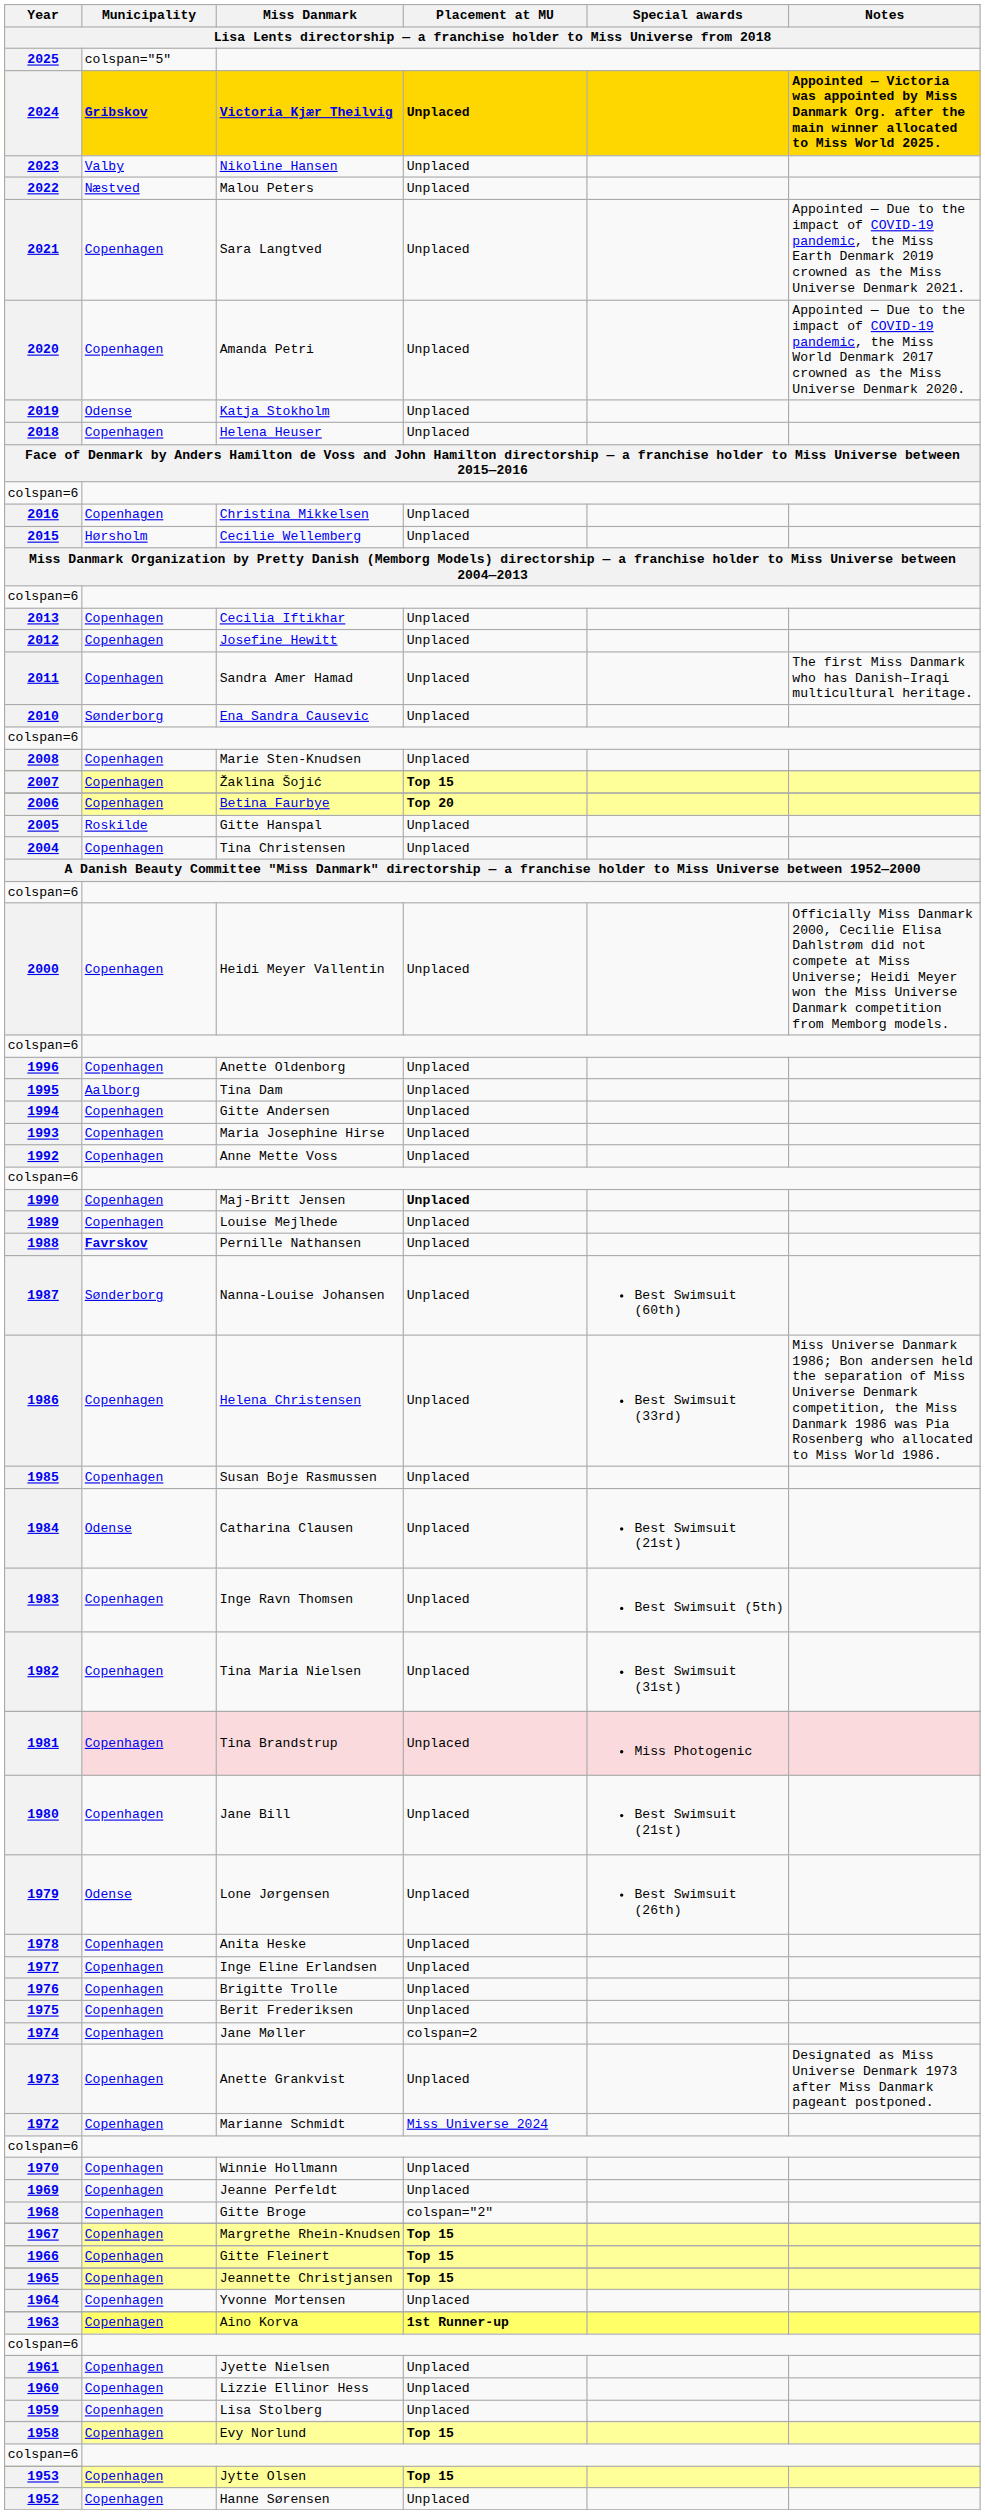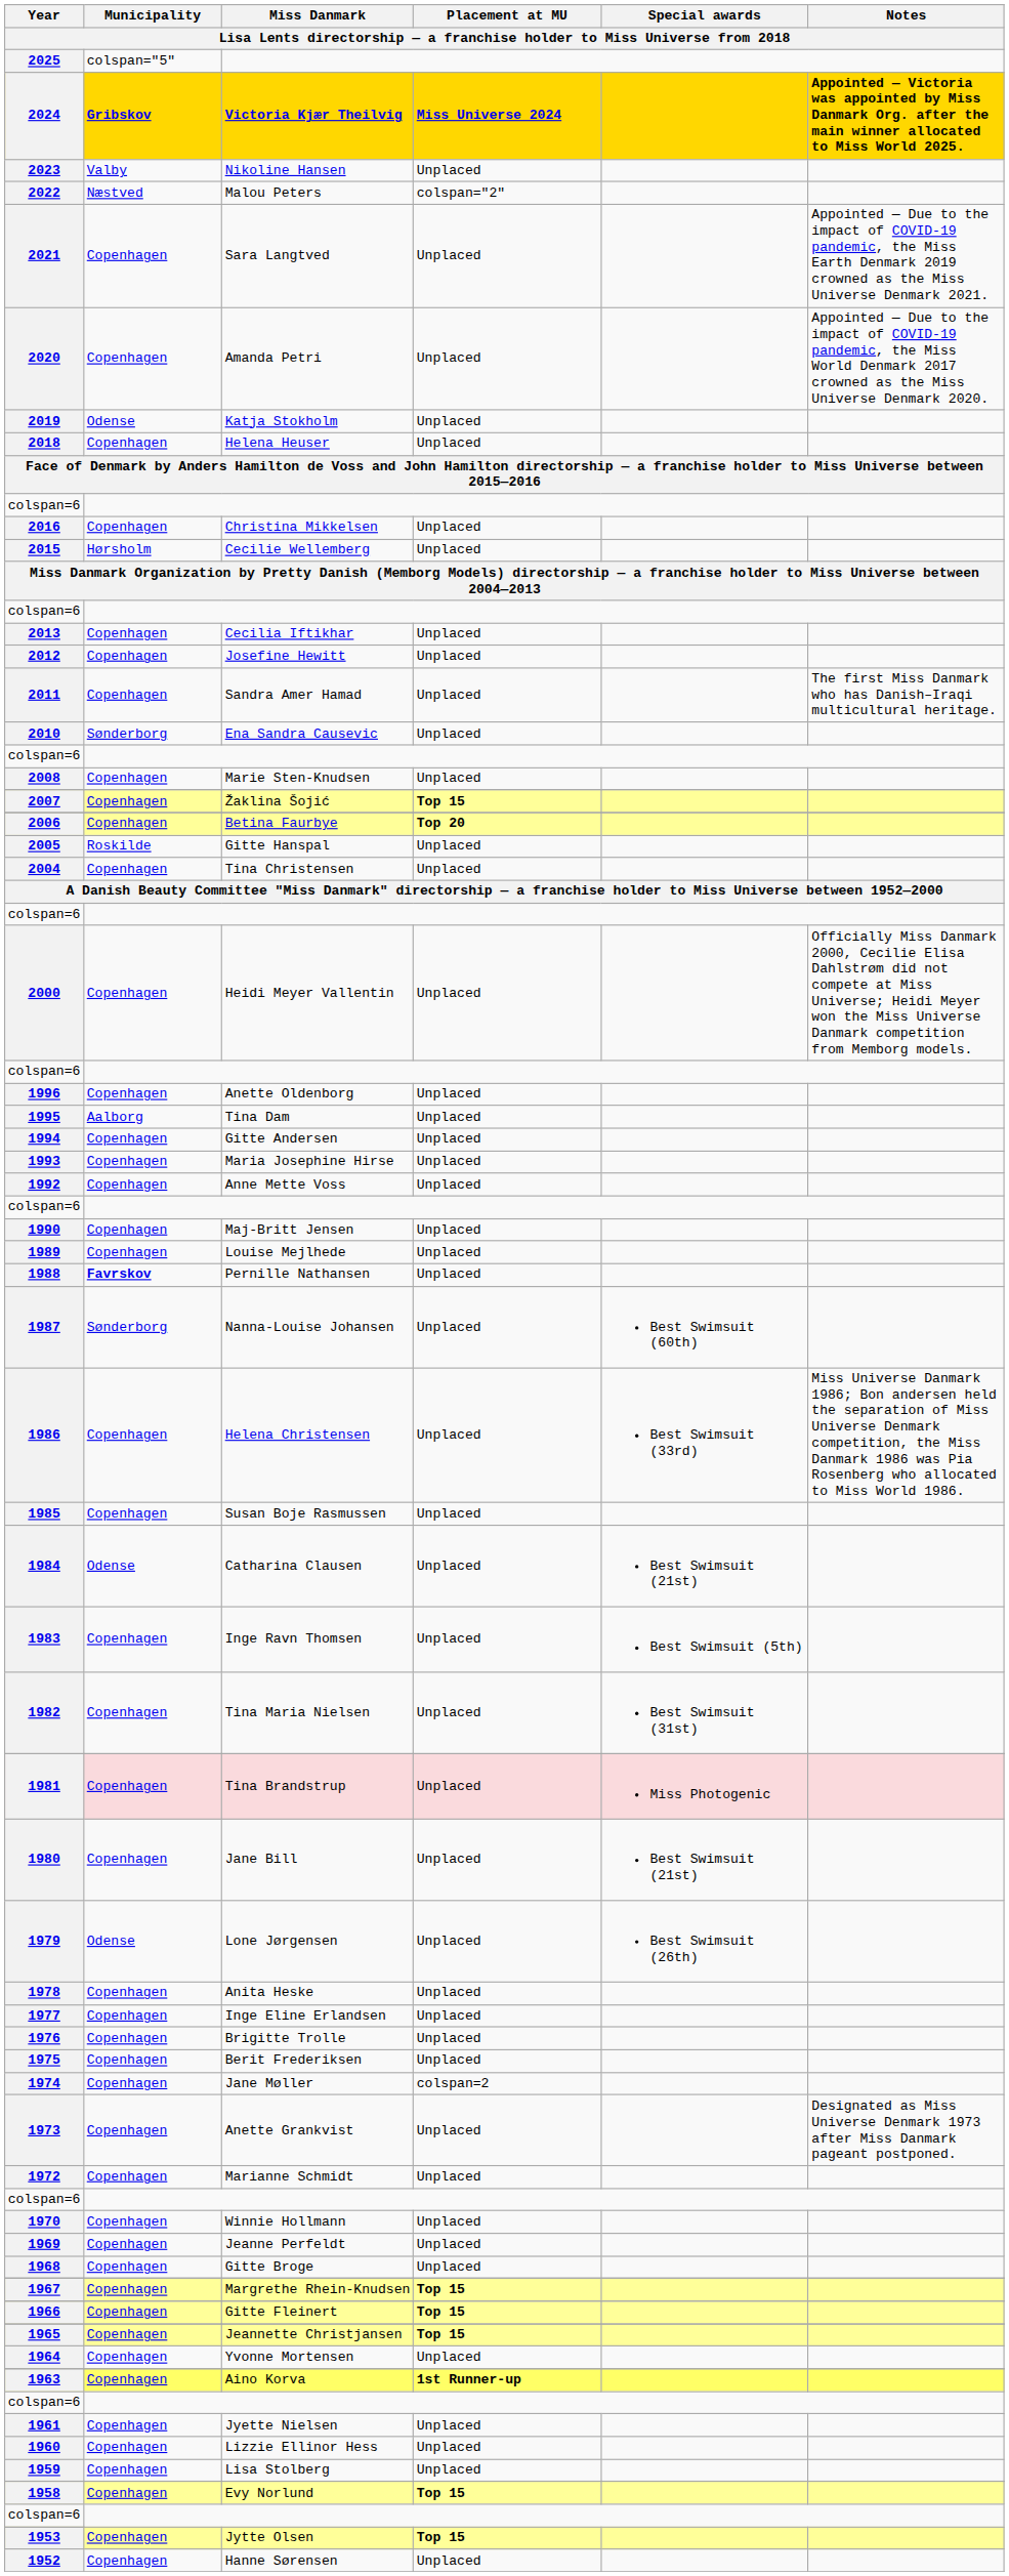 <table class="wikitable " style="font-size: 90%;">
 <tr>
 <th width="60">Year</th>
 <th width="150">Municipality</th>
 <th width="250">Miss Danmark</th>
 <th width="250">Placement at MU</th>
 <th width="250">Special awards</th>
 <th width="250">Notes</th>
 </tr>
 <tr>
 <th colspan="6">Lisa Lents directorship — a franchise holder to Miss Universe from 2018</th>
 </tr>
 <tr>
 <th><a href='#'>2025</a></th>
 <td>colspan="5" </td>
 </tr>
 <tr style="background-color:gold; font-weight: bold ">
 <th><a href='#'>2024</a></th>
 <td><a href='#'>Gribskov</a></td>
 <td><a href='#'>Victoria Kjær Theilvig</a></td>
-<td>Unplaced</td>
+<td><a href='#'>Miss Universe 2024</a></td>
 <td></td>
 <td>Appointed ― Victoria was appointed by Miss Danmark Org. after the main winner allocated to Miss World 2025.</td>
 </tr>
 <tr>
 <th><a href='#'>2023</a></th>
 <td><a href='#'>Valby</a></td>
 <td><a href='#'>Nikoline Hansen</a></td>
 <td>Unplaced</td>
 <td></td>
 <td></td>
 </tr>
 <tr>
 <th><a href='#'>2022</a></th>
 <td><a href='#'>Næstved</a></td>
 <td>Malou Peters</td>
-<td>Unplaced</td>
+<td>colspan="2" </td>
 <td></td>
 </tr>
 <tr>
 <th><a href='#'>2021</a></th>
 <td><a href='#'>Copenhagen</a></td>
 <td>Sara Langtved</td>
 <td>Unplaced</td>
 <td></td>
 <td>Appointed — Due to the impact of <a href='#'>COVID-19 pandemic</a>, the Miss Earth Denmark 2019 crowned as the Miss Universe Denmark 2021.</td>
 </tr>
 <tr>
 <th><a href='#'>2020</a></th>
 <td><a href='#'>Copenhagen</a></td>
 <td>Amanda Petri</td>
 <td>Unplaced</td>
 <td></td>
 <td>Appointed — Due to the impact of <a href='#'>COVID-19 pandemic</a>, the Miss World Denmark 2017 crowned as the Miss Universe Denmark 2020.</td>
 </tr>
 <tr>
 <th><a href='#'>2019</a></th>
 <td><a href='#'>Odense</a></td>
 <td><a href='#'>Katja Stokholm</a></td>
 <td>Unplaced</td>
 <td></td>
 <td></td>
 </tr>
 <tr>
 <th><a href='#'>2018</a></th>
 <td><a href='#'>Copenhagen</a></td>
 <td><a href='#'>Helena Heuser</a></td>
 <td>Unplaced</td>
 <td></td>
 <td></td>
 </tr>
 <tr>
 <th colspan="6">Face of Denmark by Anders Hamilton de Voss and John Hamilton directorship — a franchise holder to Miss Universe between 2015―2016</th>
 </tr>
 <tr>
 <td>colspan=6 </td>
 </tr>
 <tr>
 <th><a href='#'>2016</a></th>
 <td><a href='#'>Copenhagen</a></td>
 <td><a href='#'>Christina Mikkelsen</a></td>
 <td>Unplaced</td>
 <td></td>
 <td></td>
 </tr>
 <tr>
 <th><a href='#'>2015</a></th>
 <td><a href='#'>Hørsholm</a></td>
 <td><a href='#'>Cecilie Wellemberg</a></td>
 <td>Unplaced</td>
 <td></td>
 <td></td>
 </tr>
 <tr>
 <th colspan="6">Miss Danmark Organization by Pretty Danish (Memborg Models) directorship — a franchise holder to Miss Universe between 2004―2013</th>
 </tr>
 <tr>
 <td>colspan=6 </td>
 </tr>
 <tr>
 <th><a href='#'>2013</a></th>
 <td><a href='#'>Copenhagen</a></td>
 <td><a href='#'>Cecilia Iftikhar</a></td>
 <td>Unplaced</td>
 <td></td>
 <td></td>
 </tr>
 <tr>
 <th><a href='#'>2012</a></th>
 <td><a href='#'>Copenhagen</a></td>
 <td><a href='#'>Josefine Hewitt</a></td>
 <td>Unplaced</td>
 <td></td>
 <td></td>
 </tr>
 <tr>
 <th><a href='#'>2011</a></th>
 <td><a href='#'>Copenhagen</a></td>
 <td>Sandra Amer Hamad</td>
 <td>Unplaced</td>
 <td></td>
 <td>The first Miss Danmark who has Danish–Iraqi multicultural heritage.</td>
 </tr>
 <tr>
 <th><a href='#'>2010</a></th>
 <td><a href='#'>Sønderborg</a></td>
 <td><a href='#'>Ena Sandra Causevic</a></td>
 <td>Unplaced</td>
 <td></td>
 <td></td>
 </tr>
 <tr>
 <td>colspan=6 </td>
 </tr>
 <tr>
 <th><a href='#'>2008</a></th>
 <td><a href='#'>Copenhagen</a></td>
 <td>Marie Sten-Knudsen</td>
 <td>Unplaced</td>
 <td></td>
 <td></td>
 </tr>
 <tr>
 </tr>
 <tr style="background-color:#FFFF99;">
 <th><a href='#'>2007</a></th>
 <td><a href='#'>Copenhagen</a></td>
 <td>Žaklina Šojić</td>
 <td><strong>Top 15</strong></td>
 <td></td>
 <td></td>
 </tr>
 <tr>
 </tr>
 <tr style="background-color:#FFFF99;">
 <th><a href='#'>2006</a></th>
 <td><a href='#'>Copenhagen</a></td>
 <td><a href='#'>Betina Faurbye</a></td>
 <td><strong>Top 20</strong></td>
 <td></td>
 <td></td>
 </tr>
 <tr>
 <th><a href='#'>2005</a></th>
 <td><a href='#'>Roskilde</a></td>
 <td>Gitte Hanspal</td>
 <td>Unplaced</td>
 <td></td>
 <td></td>
 </tr>
 <tr>
 <th><a href='#'>2004</a></th>
 <td><a href='#'>Copenhagen</a></td>
 <td>Tina Christensen</td>
 <td>Unplaced</td>
 <td></td>
 <td></td>
 </tr>
 <tr>
 <th colspan="6">A Danish Beauty Committee "Miss Danmark" directorship — a franchise holder to Miss Universe between 1952―2000</th>
 </tr>
 <tr>
 <td>colspan=6 </td>
 </tr>
 <tr>
 <th><a href='#'>2000</a></th>
 <td><a href='#'>Copenhagen</a></td>
 <td>Heidi Meyer Vallentin</td>
 <td>Unplaced</td>
 <td></td>
 <td>Officially Miss Danmark 2000, Cecilie Elisa Dahlstrøm did not compete at Miss Universe; Heidi Meyer won the Miss Universe Danmark competition from Memborg models.</td>
 </tr>
 <tr>
 <td>colspan=6 </td>
 </tr>
 <tr>
 <th><a href='#'>1996</a></th>
 <td><a href='#'>Copenhagen</a></td>
 <td>Anette Oldenborg</td>
 <td>Unplaced</td>
 <td></td>
 <td></td>
 </tr>
 <tr>
 <th><a href='#'>1995</a></th>
 <td><a href='#'>Aalborg</a></td>
 <td>Tina Dam</td>
 <td>Unplaced</td>
 <td></td>
 <td></td>
 </tr>
 <tr>
 <th><a href='#'>1994</a></th>
 <td><a href='#'>Copenhagen</a></td>
 <td>Gitte Andersen</td>
 <td>Unplaced</td>
 <td></td>
 <td></td>
 </tr>
 <tr>
 <th><a href='#'>1993</a></th>
 <td><a href='#'>Copenhagen</a></td>
 <td>Maria Josephine Hirse</td>
 <td>Unplaced</td>
 <td></td>
 <td></td>
 </tr>
 <tr>
 <th><a href='#'>1992</a></th>
 <td><a href='#'>Copenhagen</a></td>
 <td>Anne Mette Voss</td>
 <td>Unplaced</td>
 <td></td>
 <td></td>
 </tr>
 <tr>
 <td>colspan=6 </td>
 </tr>
 <tr>
 <th><a href='#'>1990</a></th>
 <td><a href='#'>Copenhagen</a></td>
 <td>Maj-Britt Jensen</td>
-<td><strong>Unplaced</strong></td>
+<td>Unplaced</td>
 <td></td>
 <td></td>
 </tr>
 <tr>
 <th><a href='#'>1989</a></th>
 <td><a href='#'>Copenhagen</a></td>
 <td>Louise Mejlhede</td>
 <td>Unplaced</td>
 <td></td>
 <td></td>
 </tr>
 <tr>
 <th><a href='#'>1988</a></th>
 <td><strong><a href='#'>Favrskov</a></strong></td>
 <td>Pernille Nathansen</td>
 <td>Unplaced</td>
 <td></td>
 <td></td>
 </tr>
 <tr>
 <th><a href='#'>1987</a></th>
 <td><a href='#'>Sønderborg</a></td>
 <td>Nanna-Louise Johansen</td>
 <td>Unplaced</td>
 <td align="left"><br><ul><li>Best Swimsuit (60th)</li></ul></td>
 <td></td>
 </tr>
 <tr>
 <th><a href='#'>1986</a></th>
 <td><a href='#'>Copenhagen</a></td>
 <td><a href='#'>Helena Christensen</a></td>
 <td>Unplaced</td>
 <td align="left"><br><ul><li>Best Swimsuit (33rd)</li></ul></td>
 <td>Miss Universe Danmark 1986; Bon andersen held the separation of Miss Universe Denmark competition, the Miss Danmark 1986 was Pia Rosenberg who allocated to Miss World 1986.</td>
 </tr>
 <tr>
 <th><a href='#'>1985</a></th>
 <td><a href='#'>Copenhagen</a></td>
 <td>Susan Boje Rasmussen</td>
 <td>Unplaced</td>
 <td></td>
 <td></td>
 </tr>
 <tr>
 <th><a href='#'>1984</a></th>
 <td><a href='#'>Odense</a></td>
 <td>Catharina Clausen</td>
 <td>Unplaced</td>
 <td align="left"><br><ul><li>Best Swimsuit (21st)</li></ul></td>
 <td></td>
 </tr>
 <tr>
 <th><a href='#'>1983</a></th>
 <td><a href='#'>Copenhagen</a></td>
 <td>Inge Ravn Thomsen</td>
 <td>Unplaced</td>
 <td align="left"><br><ul><li>Best Swimsuit (5th)</li></ul></td>
 <td></td>
 </tr>
 <tr>
 <th><a href='#'>1982</a></th>
 <td><a href='#'>Copenhagen</a></td>
 <td>Tina Maria Nielsen</td>
 <td>Unplaced</td>
 <td align="left"><br><ul><li>Best Swimsuit (31st)</li></ul></td>
 <td></td>
 </tr>
 <tr>
 </tr>
 <tr style="background-color:#FADADD;">
 <th><a href='#'>1981</a></th>
 <td><a href='#'>Copenhagen</a></td>
 <td>Tina Brandstrup</td>
 <td>Unplaced</td>
 <td align="left"><br><ul><li>Miss Photogenic</li></ul></td>
 <td></td>
 </tr>
 <tr>
 <th><a href='#'>1980</a></th>
 <td><a href='#'>Copenhagen</a></td>
 <td>Jane Bill</td>
 <td>Unplaced</td>
 <td align="left"><br><ul><li>Best Swimsuit (21st)</li></ul></td>
 <td></td>
 </tr>
 <tr>
 <th><a href='#'>1979</a></th>
 <td><a href='#'>Odense</a></td>
 <td>Lone Jørgensen</td>
 <td>Unplaced</td>
 <td align="left"><br><ul><li>Best Swimsuit (26th)</li></ul></td>
 <td></td>
 </tr>
 <tr>
 <th><a href='#'>1978</a></th>
 <td><a href='#'>Copenhagen</a></td>
 <td>Anita Heske</td>
 <td>Unplaced</td>
 <td></td>
 <td></td>
 </tr>
 <tr>
 <th><a href='#'>1977</a></th>
 <td><a href='#'>Copenhagen</a></td>
 <td>Inge Eline Erlandsen</td>
 <td>Unplaced</td>
 <td></td>
 <td></td>
 </tr>
 <tr>
 <th><a href='#'>1976</a></th>
 <td><a href='#'>Copenhagen</a></td>
 <td>Brigitte Trolle</td>
 <td>Unplaced</td>
 <td></td>
 <td></td>
 </tr>
 <tr>
 <th><a href='#'>1975</a></th>
 <td><a href='#'>Copenhagen</a></td>
 <td>Berit Frederiksen</td>
 <td>Unplaced</td>
 <td></td>
 <td></td>
 </tr>
 <tr>
 <th><a href='#'>1974</a></th>
 <td><a href='#'>Copenhagen</a></td>
 <td>Jane Møller</td>
 <td>colspan=2 </td>
 <td></td>
 </tr>
 <tr>
 <th><a href='#'>1973</a></th>
 <td><a href='#'>Copenhagen</a></td>
 <td>Anette Grankvist</td>
 <td>Unplaced</td>
 <td></td>
 <td>Designated as Miss Universe Denmark 1973 after Miss Danmark pageant postponed.</td>
 </tr>
 <tr>
 <th><a href='#'>1972</a></th>
 <td><a href='#'>Copenhagen</a></td>
 <td>Marianne Schmidt</td>
-<td><a href='#'>Miss Universe 2024</a></td>
+<td>Unplaced</td>
 <td></td>
 <td></td>
 </tr>
 <tr>
 <td>colspan=6 </td>
 </tr>
 <tr>
 <th><a href='#'>1970</a></th>
 <td><a href='#'>Copenhagen</a></td>
 <td>Winnie Hollmann</td>
 <td>Unplaced</td>
 <td></td>
 <td></td>
 </tr>
 <tr>
 <th><a href='#'>1969</a></th>
 <td><a href='#'>Copenhagen</a></td>
 <td>Jeanne Perfeldt</td>
 <td>Unplaced</td>
 <td></td>
 <td></td>
 </tr>
 <tr>
 <th><a href='#'>1968</a></th>
 <td><a href='#'>Copenhagen</a></td>
 <td>Gitte Broge</td>
-<td>colspan="2" </td>
+<td>Unplaced</td>
 <td></td>
 <td></td>
 </tr>
 <tr>
 </tr>
 <tr style="background-color:#FFFF99;">
 <th><a href='#'>1967</a></th>
 <td><a href='#'>Copenhagen</a></td>
 <td>Margrethe Rhein-Knudsen</td>
 <td><strong>Top 15</strong></td>
 <td></td>
 <td></td>
 </tr>
 <tr>
 </tr>
 <tr style="background-color:#FFFF99;">
 <th><a href='#'>1966</a></th>
 <td><a href='#'>Copenhagen</a></td>
 <td>Gitte Fleinert</td>
 <td><strong>Top 15</strong></td>
 <td></td>
 <td></td>
 </tr>
 <tr>
 </tr>
 <tr style="background-color:#FFFF99;">
 <th><a href='#'>1965</a></th>
 <td><a href='#'>Copenhagen</a></td>
 <td>Jeannette Christjansen</td>
 <td><strong>Top 15</strong></td>
 <td></td>
 <td></td>
 </tr>
 <tr>
 <th><a href='#'>1964</a></th>
 <td><a href='#'>Copenhagen</a></td>
 <td>Yvonne Mortensen</td>
 <td>Unplaced</td>
 <td></td>
 <td></td>
 </tr>
 <tr>
 </tr>
 <tr style="background-color:#FFFF66;">
 <th><a href='#'>1963</a></th>
 <td><a href='#'>Copenhagen</a></td>
 <td>Aino Korva</td>
 <td><strong>1st Runner-up</strong></td>
 <td></td>
 <td></td>
 </tr>
 <tr>
 <td>colspan=6 </td>
 </tr>
 <tr>
 <th><a href='#'>1961</a></th>
 <td><a href='#'>Copenhagen</a></td>
 <td>Jyette Nielsen</td>
 <td>Unplaced</td>
 <td></td>
 <td></td>
 </tr>
 <tr>
 <th><a href='#'>1960</a></th>
 <td><a href='#'>Copenhagen</a></td>
 <td>Lizzie Ellinor Hess</td>
 <td>Unplaced</td>
 <td></td>
 <td></td>
 </tr>
 <tr>
 <th><a href='#'>1959</a></th>
 <td><a href='#'>Copenhagen</a></td>
 <td>Lisa Stolberg</td>
 <td>Unplaced</td>
 <td></td>
 <td></td>
 </tr>
 <tr>
 </tr>
 <tr style="background-color:#FFFF99;">
 <th><a href='#'>1958</a></th>
 <td><a href='#'>Copenhagen</a></td>
 <td>Evy Norlund</td>
 <td><strong>Top 15</strong></td>
 <td></td>
 <td></td>
 </tr>
 <tr>
 <td>colspan=6 </td>
 </tr>
 <tr>
 </tr>
 <tr style="background-color:#FFFF99;">
 <th><a href='#'>1953</a></th>
 <td><a href='#'>Copenhagen</a></td>
 <td>Jytte Olsen</td>
 <td><strong>Top 15</strong></td>
 <td></td>
 <td></td>
 </tr>
 <tr>
 <th><a href='#'>1952</a></th>
 <td><a href='#'>Copenhagen</a></td>
 <td>Hanne Sørensen</td>
 <td>Unplaced</td>
 <td></td>
 <td></td>
 </tr>
 <tr>
 </tr>
 </table>
